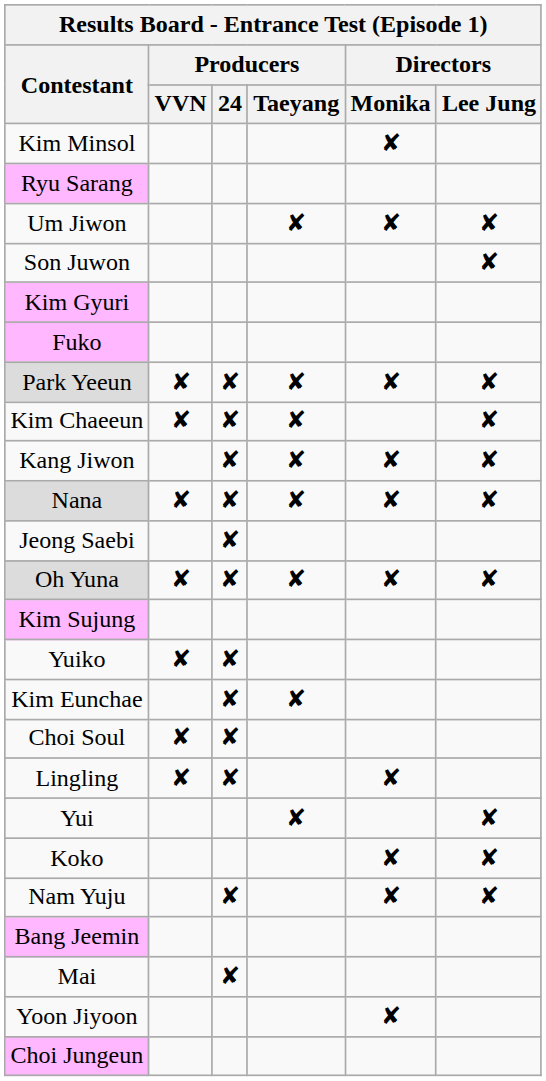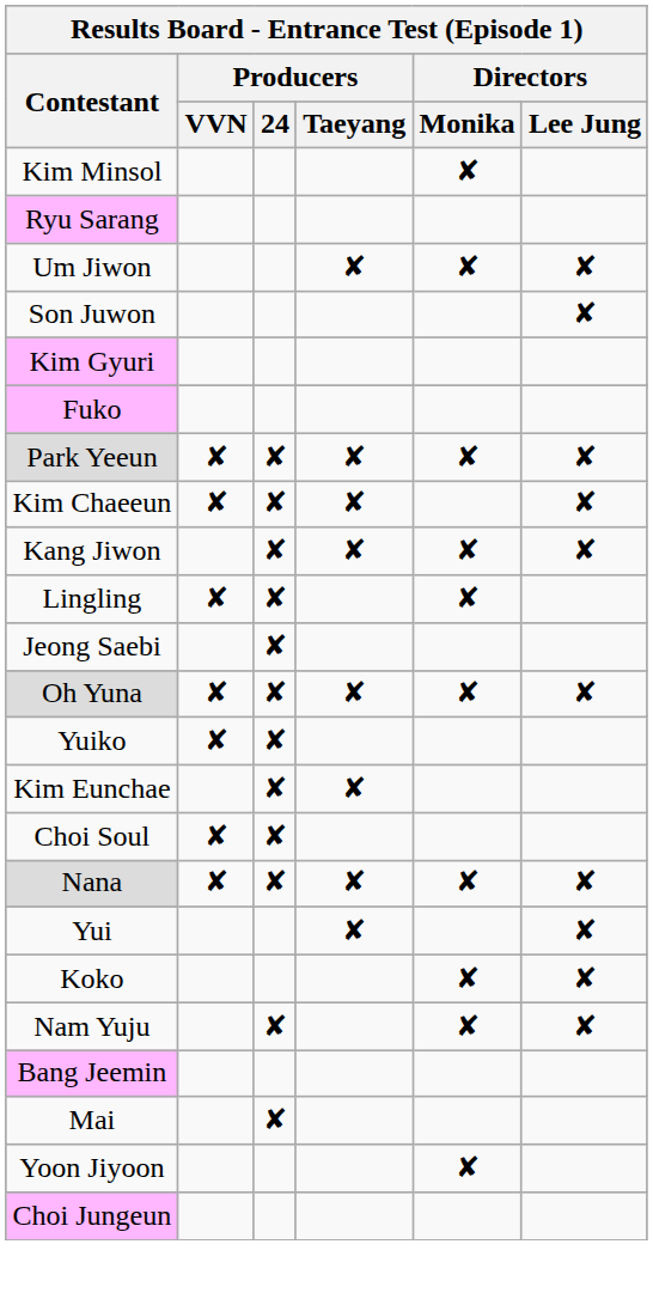 <table class="wikitable mw-collapsible mw-collapsed" style="text-align:center; font-size:90%">
 <tr style="text-align:left" |>
 <th colspan="6">Results Board - Entrance Test (Episode 1)</th>
 </tr>
 <tr>
 <th rowspan="2">Contestant</th>
 <th colspan="3">Producers</th>
 <th colspan="2">Directors</th>
 </tr>
 <tr>
 <th>VVN</th>
 <th>24</th>
 <th>Taeyang</th>
 <th>Monika</th>
 <th>Lee Jung</th>
 </tr>
 <tr>
 <td>Kim Minsol</td>
 <td><strong></strong></td>
 <td><strong></strong></td>
 <td><strong></strong></td>
 <td>✘</td>
 <td><strong></strong></td>
 </tr>
 <tr>
 <td style="background:#FFB7FF;">Ryu Sarang</td>
 <td><strong></strong></td>
 <td><strong></strong></td>
 <td><strong></strong></td>
 <td><strong></strong></td>
 <td><strong></strong></td>
 </tr>
 <tr>
 <td>Um Jiwon</td>
 <td><strong></strong></td>
 <td><strong></strong></td>
 <td>✘</td>
 <td>✘</td>
 <td>✘</td>
 </tr>
 <tr>
 <td>Son Juwon</td>
 <td><strong></strong></td>
 <td><strong></strong></td>
 <td><strong></strong></td>
 <td><strong></strong></td>
 <td>✘</td>
 </tr>
 <tr>
 <td style="background:#FFB7FF;">Kim Gyuri</td>
 <td><strong></strong></td>
 <td><strong></strong></td>
 <td><strong></strong></td>
 <td><strong></strong></td>
 <td><strong></strong></td>
 </tr>
 <tr>
 <td style="background:#FFB7FF;">Fuko</td>
 <td><strong></strong></td>
 <td><strong></strong></td>
 <td><strong></strong></td>
 <td><strong></strong></td>
 <td><strong></strong></td>
 </tr>
 <tr>
 <td style="background:#dcdcdc;">Park Yeeun</td>
 <td>✘</td>
 <td>✘</td>
 <td>✘</td>
 <td>✘</td>
 <td>✘</td>
 </tr>
 <tr>
 <td>Kim Chaeeun</td>
 <td>✘</td>
 <td>✘</td>
 <td>✘</td>
 <td><strong></strong></td>
 <td>✘</td>
 </tr>
 <tr>
 <td>Kang Jiwon</td>
 <td><strong></strong></td>
 <td>✘</td>
 <td>✘</td>
 <td>✘</td>
 <td>✘</td>
 </tr>
 <tr>
-<td style="background:#dcdcdc;">Nana</td>
+<td>Lingling</td>
 <td>✘</td>
 <td>✘</td>
+<td><strong></strong></td>
 <td>✘</td>
-<td>✘</td>
-<td>✘</td>
+<td><strong></strong></td>
 </tr>
 <tr>
 <td>Jeong Saebi</td>
 <td><strong></strong></td>
 <td>✘</td>
 <td><strong></strong></td>
 <td><strong></strong></td>
 <td><strong></strong></td>
 </tr>
 <tr>
 <td style="background:#dcdcdc;">Oh Yuna</td>
 <td>✘</td>
 <td>✘</td>
 <td>✘</td>
 <td>✘</td>
 <td>✘</td>
-</tr>
-<tr>
-<td style="background:#FFB7FF;">Kim Sujung</td>
-<td><strong></strong></td>
-<td><strong></strong></td>
-<td><strong></strong></td>
-<td><strong></strong></td>
-<td><strong></strong></td>
 </tr>
 <tr>
 <td>Yuiko</td>
 <td>✘</td>
 <td>✘</td>
 <td><strong></strong></td>
 <td><strong></strong></td>
 <td><strong></strong></td>
 </tr>
 <tr>
 <td>Kim Eunchae</td>
 <td><strong></strong></td>
 <td>✘</td>
 <td>✘</td>
 <td><strong></strong></td>
 <td><strong></strong></td>
 </tr>
 <tr>
 <td>Choi Soul</td>
 <td>✘</td>
 <td>✘</td>
 <td><strong></strong></td>
 <td><strong></strong></td>
 <td><strong></strong></td>
 </tr>
 <tr>
-<td>Lingling</td>
+<td style="background:#dcdcdc;">Nana</td>
 <td>✘</td>
 <td>✘</td>
-<td><strong></strong></td>
 <td>✘</td>
-<td><strong></strong></td>
+<td>✘</td>
+<td>✘</td>
 </tr>
 <tr>
 <td>Yui</td>
 <td><strong></strong></td>
 <td><strong></strong></td>
 <td>✘</td>
 <td><strong></strong></td>
 <td>✘</td>
 </tr>
 <tr>
 <td>Koko</td>
 <td><strong></strong></td>
 <td><strong></strong></td>
 <td><strong></strong></td>
 <td>✘</td>
 <td>✘</td>
 </tr>
 <tr>
 <td>Nam Yuju</td>
 <td><strong></strong></td>
 <td>✘</td>
 <td><strong></strong></td>
 <td>✘</td>
 <td>✘</td>
 </tr>
 <tr>
 <td style="background:#FFB7FF;">Bang Jeemin</td>
 <td><strong></strong></td>
 <td><strong></strong></td>
 <td><strong></strong></td>
 <td><strong></strong></td>
 <td><strong></strong></td>
 </tr>
 <tr>
 <td>Mai</td>
 <td><strong></strong></td>
 <td>✘</td>
 <td><strong></strong></td>
 <td><strong></strong></td>
 <td><strong></strong></td>
 </tr>
 <tr>
 <td>Yoon Jiyoon</td>
 <td><strong></strong></td>
 <td><strong></strong></td>
 <td><strong></strong></td>
 <td>✘</td>
 <td><strong></strong></td>
 </tr>
 <tr>
 <td style="background:#FFB7FF;">Choi Jungeun</td>
 <td><strong></strong></td>
 <td><strong></strong></td>
 <td><strong></strong></td>
 <td><strong></strong></td>
 <td><strong></strong></td>
 </tr>
 </table>
